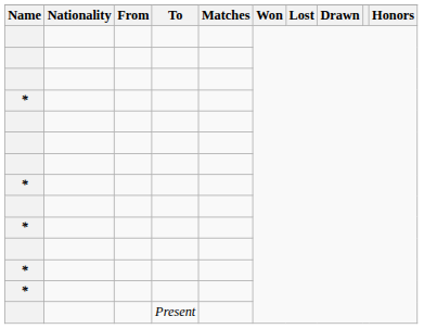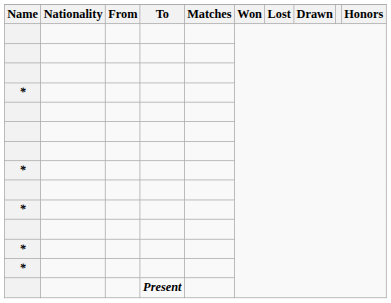 <table class="wikitable sortable plainrowheaders">
 <tr>
 </tr>
 <tr>
 <th scope=col>Name</th>
 <th scope=col>Nationality</th>
 <th scope=col>From</th>
 <th scope=col>To</th>
 <th scope=col>Matches</th>
 <th scope=col>Won</th>
 <th scope=col>Lost</th>
 <th scope=col>Drawn</th>
 <th scope=col></th>
 <th scope=col>Honors</th>
 </tr>
 <tr>
 <th scope=row></th>
 <td></td>
 <td></td>
 <td><br></td>
 <td></td>
 </tr>
 <tr>
 <th scope=row></th>
 <td></td>
 <td></td>
 <td><br></td>
 <td></td>
 </tr>
 <tr>
 <th scope=row> </th>
 <td></td>
 <td></td>
 <td><br></td>
 <td></td>
 </tr>
 <tr>
 <th scope=row><em> *</em></th>
 <td></td>
 <td></td>
 <td><br></td>
 <td></td>
 </tr>
 <tr>
 <th scope=row></th>
 <td></td>
 <td></td>
 <td><br></td>
 <td></td>
 </tr>
 <tr>
 <th scope=row></th>
 <td></td>
 <td></td>
 <td><br></td>
 <td></td>
 </tr>
 <tr>
 <th scope=row></th>
 <td></td>
 <td></td>
 <td><br></td>
 <td></td>
 </tr>
 <tr>
 <th scope=row><em> *</em></th>
 <td></td>
 <td></td>
 <td><br></td>
 <td></td>
 </tr>
 <tr>
 <th scope=row></th>
 <td></td>
 <td></td>
 <td><br></td>
 <td></td>
 </tr>
 <tr>
 <th scope=row><em> *</em></th>
 <td></td>
 <td></td>
 <td><br></td>
 <td></td>
 </tr>
 <tr>
 <th scope=row></th>
 <td></td>
 <td></td>
 <td><br></td>
 <td></td>
 </tr>
 <tr>
 <th scope=row><em> *</em></th>
 <td></td>
 <td></td>
 <td><br></td>
 <td></td>
 </tr>
 <tr>
 <th scope=row><em> *</em></th>
 <td></td>
 <td></td>
 <td><br></td>
 <td></td>
 </tr>
 <tr>
 <th scope=row></th>
 <td></td>
 <td></td>
-<td><em>Present</em><br></td>
+<td><strong><em>Present</em><br></strong></td>
 <td></td>
 </tr>
 </table>
